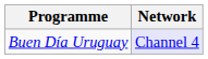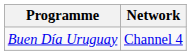 <table class="wikitable">
 <tr>
 <th>Programme</th>
 <th>Network</th>
 </tr>
 <tr>
 <td><em><a href='#'>Buen Día Uruguay</a></em></td>
-<td style="background: lavender;"><a href='#'>Channel 4</a></td>
+<td><a href='#'>Channel 4</a></td>
 </tr>
 </table>
